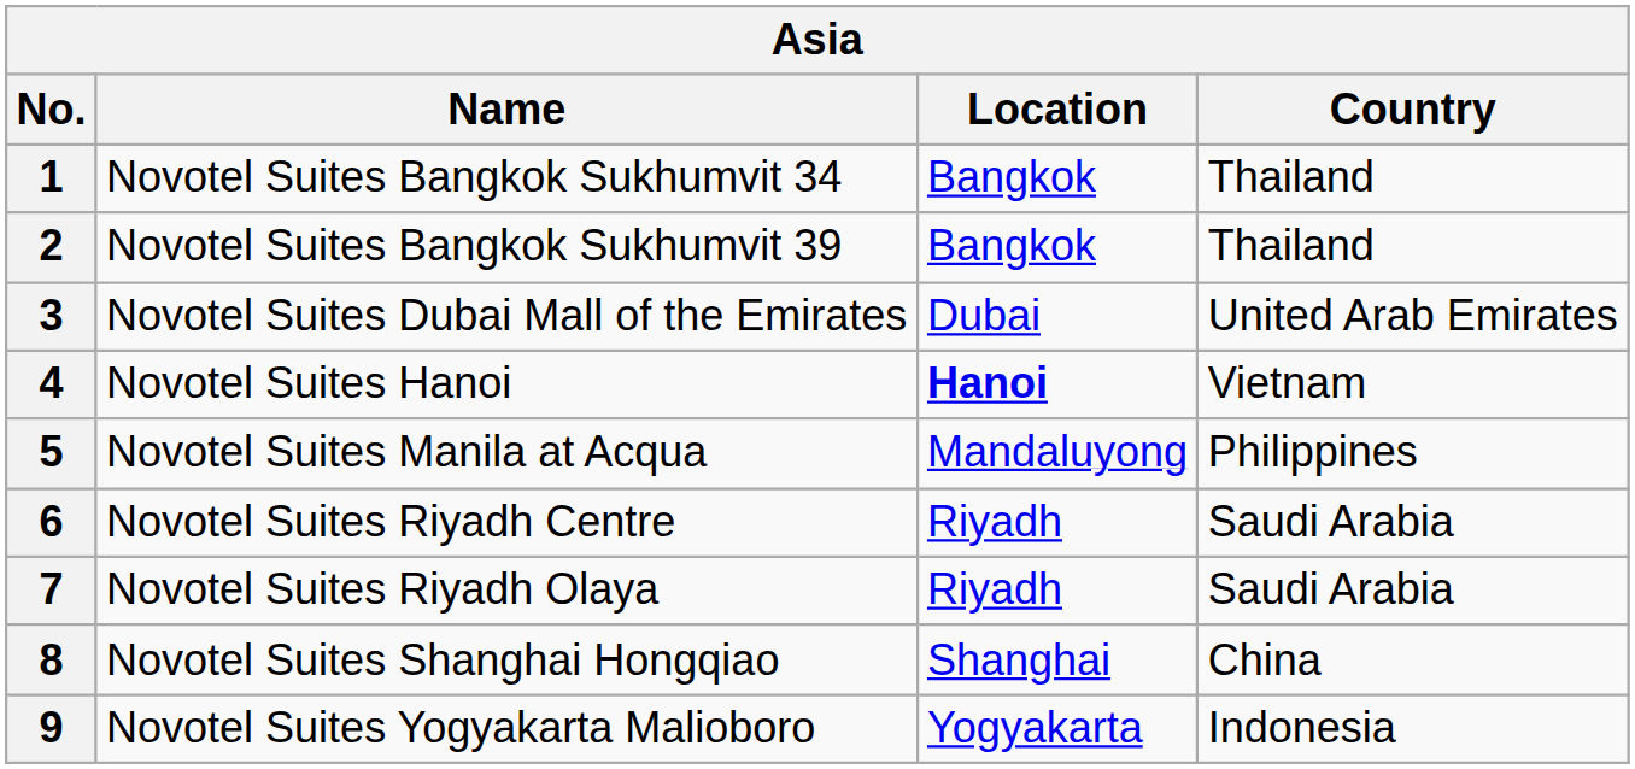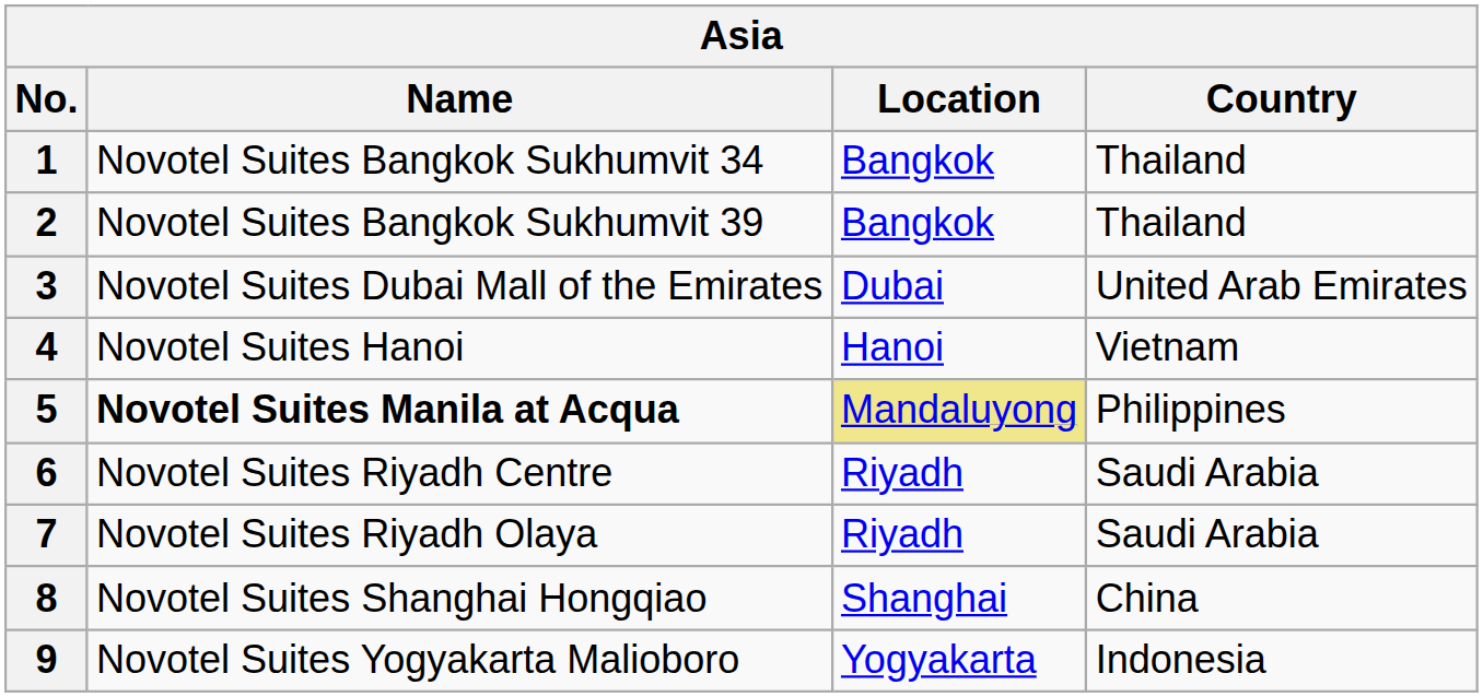 <table class="wikitable sortable">
 <tr>
 <th colspan="5">Asia</th>
 </tr>
 <tr>
 <th>No.</th>
 <th>Name</th>
 <th>Location</th>
 <th>Country</th>
 </tr>
 <tr>
 <th>1</th>
 <td>Novotel Suites Bangkok Sukhumvit 34</td>
 <td><a href='#'>Bangkok</a></td>
 <td>Thailand</td>
 </tr>
 <tr>
 <th>2</th>
 <td>Novotel Suites Bangkok Sukhumvit 39</td>
 <td><a href='#'>Bangkok</a></td>
 <td>Thailand</td>
 </tr>
 <tr>
 <th>3</th>
 <td>Novotel Suites Dubai Mall of the Emirates</td>
 <td><a href='#'>Dubai</a></td>
 <td>United Arab Emirates</td>
 </tr>
 <tr>
 <th>4</th>
 <td>Novotel Suites Hanoi</td>
-<td><strong><a href='#'>Hanoi</a></strong></td>
+<td><a href='#'>Hanoi</a></td>
 <td>Vietnam</td>
 </tr>
 <tr>
 <th>5</th>
-<td>Novotel Suites Manila at Acqua</td>
-<td><a href='#'>Mandaluyong</a></td>
+<td><strong>Novotel Suites Manila at Acqua</strong></td>
+<td style="background: khaki;"><a href='#'>Mandaluyong</a></td>
 <td>Philippines</td>
 </tr>
 <tr>
 <th>6</th>
 <td>Novotel Suites Riyadh Centre</td>
 <td><a href='#'>Riyadh</a></td>
 <td>Saudi Arabia</td>
 </tr>
 <tr>
 <th>7</th>
 <td>Novotel Suites Riyadh Olaya</td>
 <td><a href='#'>Riyadh</a></td>
 <td>Saudi Arabia</td>
 </tr>
 <tr>
 <th>8</th>
 <td>Novotel Suites Shanghai Hongqiao</td>
 <td><a href='#'>Shanghai</a></td>
 <td>China</td>
 </tr>
 <tr>
 <th>9</th>
 <td>Novotel Suites Yogyakarta Malioboro</td>
 <td><a href='#'>Yogyakarta</a></td>
 <td>Indonesia</td>
 </tr>
 </table>
